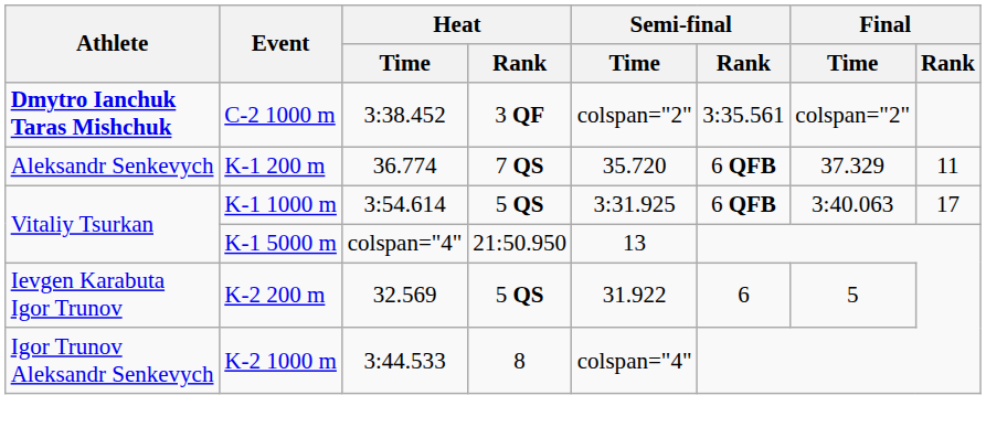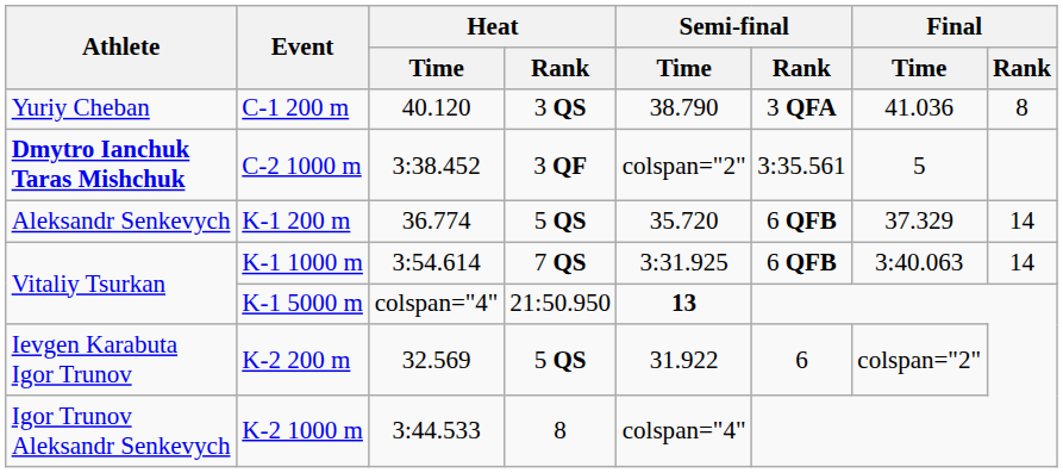 <table class="wikitable" style="text-align: center; font-size:90%">
 <tr>
 <th rowspan="2">Athlete</th>
 <th rowspan="2">Event</th>
 <th colspan="2">Heat</th>
 <th colspan="2">Semi-final</th>
 <th colspan="2">Final</th>
 </tr>
 <tr>
 <th>Time</th>
 <th>Rank</th>
 <th>Time</th>
 <th>Rank</th>
 <th>Time</th>
 <th>Rank</th>
 </tr>
 <tr>
+<td align="left"><a href='#'>Yuriy Cheban</a></td>
+<td align="left"><a href='#'>C-1 200 m</a></td>
+<td>40.120</td>
+<td>3 <strong>QS</strong></td>
+<td>38.790</td>
+<td>3 <strong>QFA</strong></td>
+<td>41.036</td>
+<td>8</td>
+</tr>
+<tr>
 <td align="left"><strong><a href='#'>Dmytro Ianchuk</a><br><a href='#'>Taras Mishchuk</a></strong></td>
 <td align="left"><a href='#'>C-2 1000 m</a></td>
 <td>3:38.452</td>
 <td>3 <strong>QF</strong></td>
 <td>colspan="2" </td>
 <td>3:35.561</td>
-<td>colspan="2" </td>
+<td>5</td>
 </tr>
 <tr>
 <td align="left"><a href='#'>Aleksandr Senkevych</a></td>
 <td align="left"><a href='#'>K-1 200 m</a></td>
 <td>36.774</td>
-<td>7 <strong>QS</strong></td>
+<td>5 <strong>QS</strong></td>
 <td>35.720</td>
 <td>6 <strong>QFB</strong></td>
 <td>37.329</td>
-<td>11</td>
+<td>14</td>
 </tr>
 <tr>
 <td rowspan="2" align="left"><a href='#'>Vitaliy Tsurkan</a></td>
 <td align="left"><a href='#'>K-1 1000 m</a></td>
 <td>3:54.614</td>
-<td>5 <strong>QS</strong></td>
+<td>7 <strong>QS</strong></td>
 <td>3:31.925</td>
 <td>6 <strong>QFB</strong></td>
 <td>3:40.063</td>
-<td>17</td>
+<td>14</td>
 </tr>
 <tr>
 <td align="left"><a href='#'>K-1 5000 m</a></td>
 <td>colspan="4" </td>
 <td>21:50.950</td>
-<td>13</td>
+<td><strong>13</strong></td>
 </tr>
 <tr>
 <td align="left"><a href='#'>Ievgen Karabuta</a><br><a href='#'>Igor Trunov</a></td>
 <td align="left"><a href='#'>K-2 200 m</a></td>
 <td>32.569</td>
 <td>5 <strong>QS</strong></td>
 <td>31.922</td>
 <td>6</td>
-<td>5</td>
+<td>colspan="2" </td>
 </tr>
 <tr>
 <td align="left"><a href='#'>Igor Trunov</a><br><a href='#'>Aleksandr Senkevych</a></td>
 <td align="left"><a href='#'>K-2 1000 m</a></td>
 <td>3:44.533</td>
 <td>8</td>
 <td>colspan="4" </td>
 </tr>
 </table>
